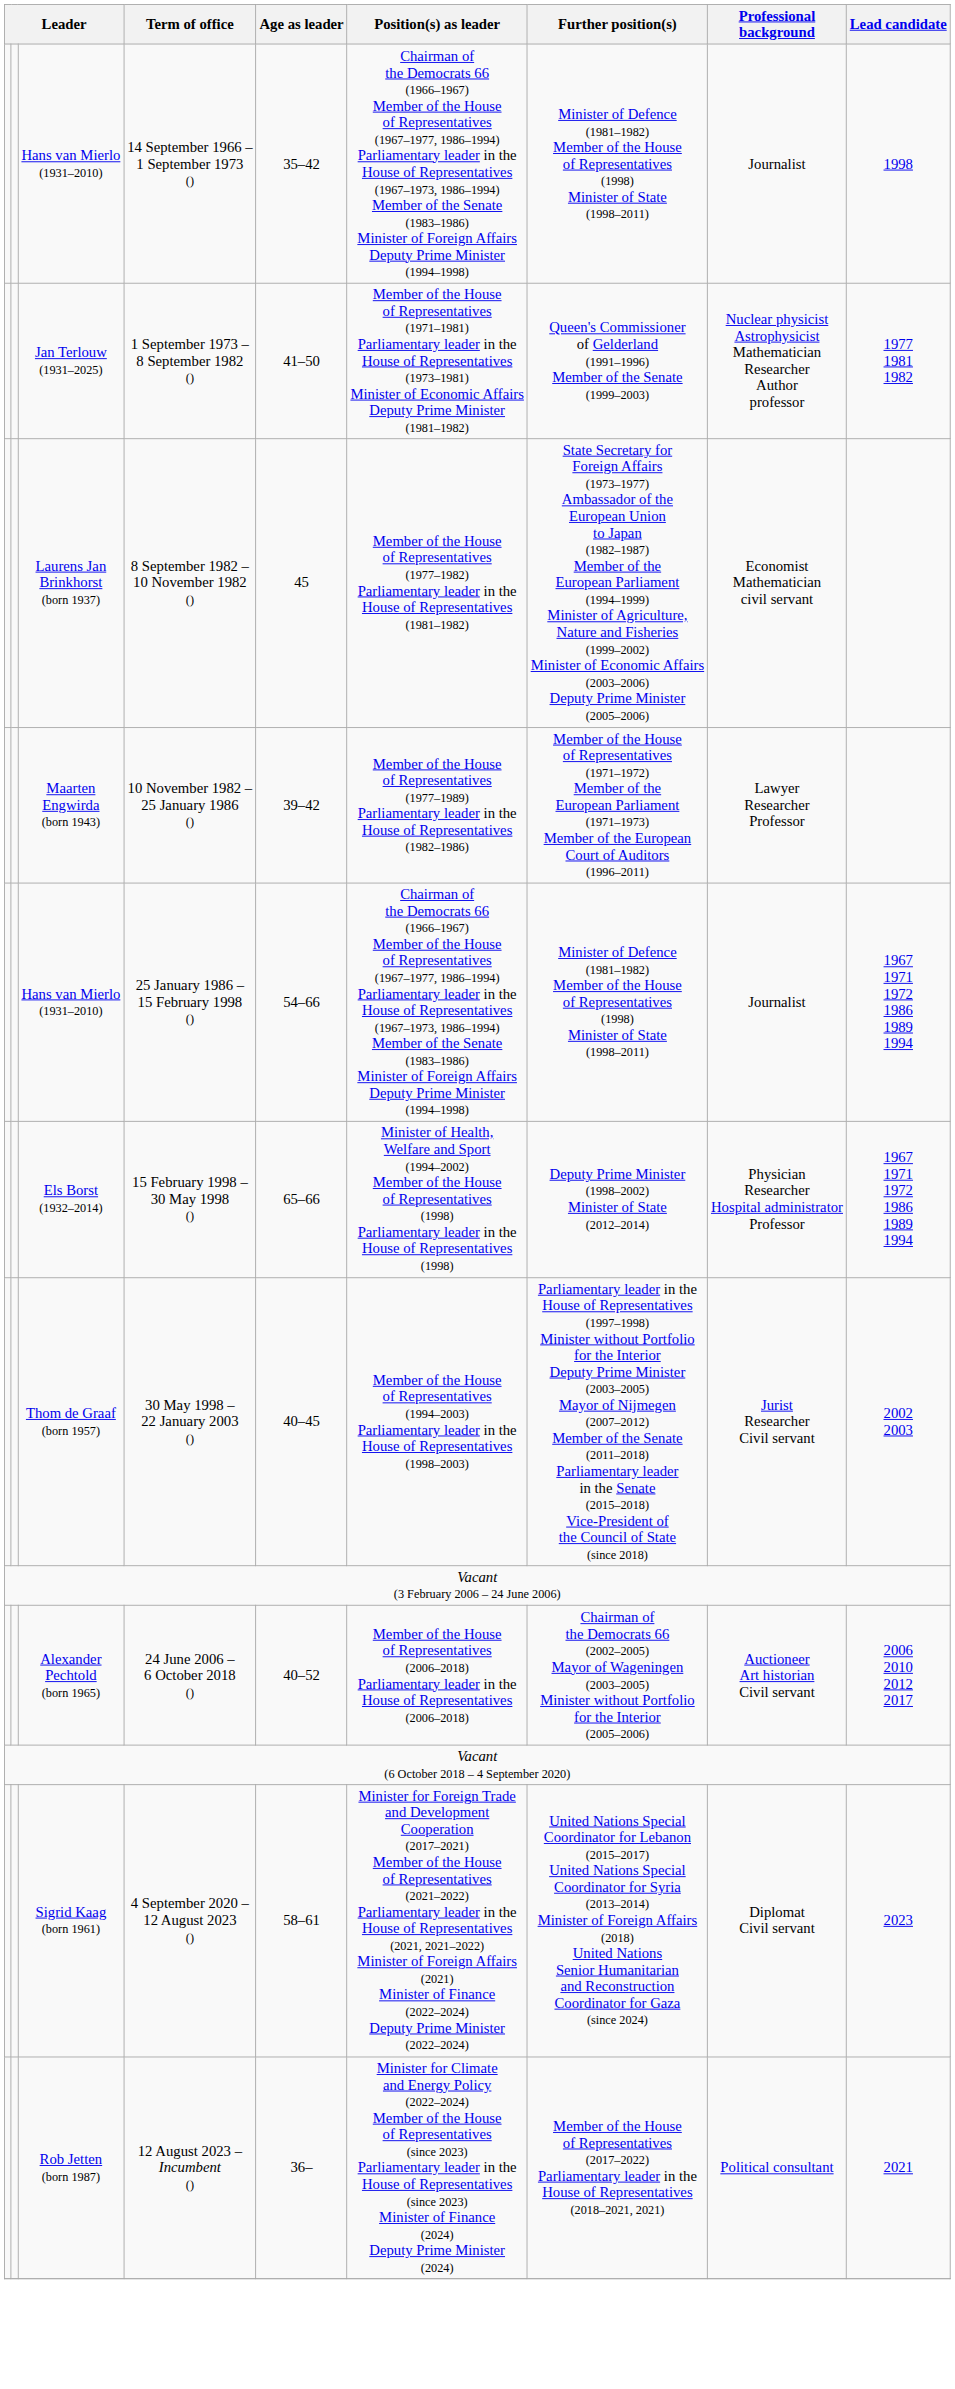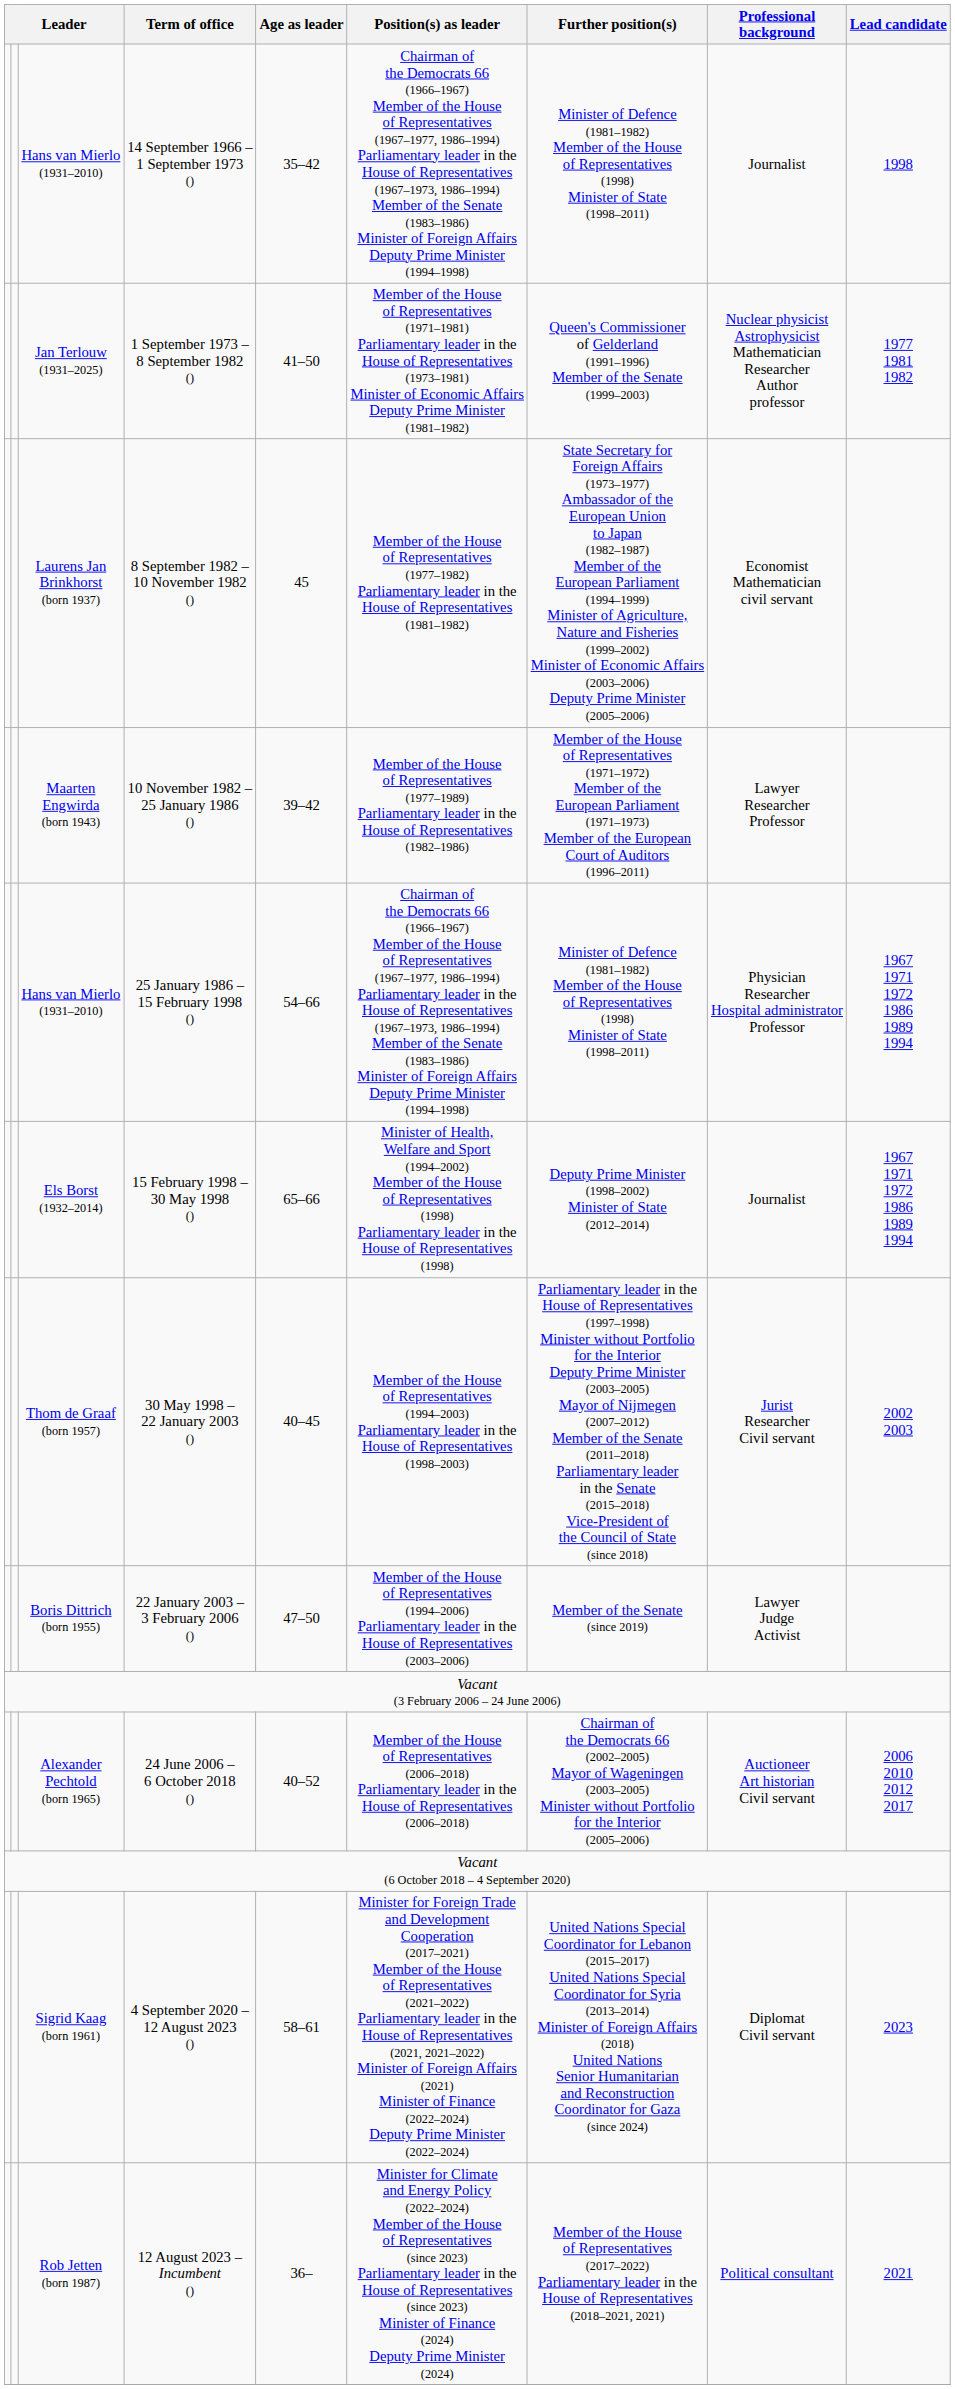 <table class="wikitable" style="text-align:center">
 <tr>
 <th colspan=3>Leader</th>
 <th>Term of office</th>
 <th>Age as leader</th>
 <th>Position(s) as leader</th>
 <th>Further position(s)</th>
 <th><a href='#'>Professional <br> background</a></th>
 <th><a href='#'>Lead candidate</a></th>
 </tr>
 <tr>
 <td style="background:"></td>
 <td></td>
 <td><a href='#'>Hans van Mierlo</a> <br> <small>(1931–2010)</small></td>
 <td>14 September 1966 – <br> 1 September 1973 <br> <small>()</small></td>
 <td>35–42</td>
 <td><a href='#'>Chairman of <br> the Democrats 66</a> <br> <small>(1966–1967)</small> <br> <a href='#'>Member of the House <br> of Representatives</a> <br> <small>(1967–1977, 1986–1994)</small> <br> <a href='#'>Parliamentary leader</a> in the <br> <a href='#'>House of Representatives</a> <br> <small>(1967–1973, 1986–1994)</small> <br> <a href='#'>Member of the Senate</a> <br> <small>(1983–1986)</small> <br> <a href='#'>Minister of Foreign Affairs</a> <br> <a href='#'>Deputy Prime Minister</a> <br> <small>(1994–1998)</small></td>
 <td><a href='#'>Minister of Defence</a> <br> <small>(1981–1982)</small> <br> <a href='#'>Member of the House <br> of Representatives</a> <br> <small>(1998)</small> <br> <a href='#'>Minister of State</a> <br> <small>(1998–2011)</small></td>
 <td>Journalist</td>
 <td><a href='#'>1998</a></td>
 </tr>
 <tr>
 <td style="background:"></td>
 <td></td>
 <td><a href='#'>Jan Terlouw</a> <br> <small>(1931–2025)</small></td>
 <td>1 September 1973 – <br> 8 September 1982 <br> <small>()</small></td>
 <td>41–50</td>
 <td><a href='#'>Member of the House <br> of Representatives</a> <br> <small>(1971–1981)</small> <br> <a href='#'>Parliamentary leader</a> in the <br> <a href='#'>House of Representatives</a> <br> <small>(1973–1981)</small> <br> <a href='#'>Minister of Economic Affairs</a> <br> <a href='#'>Deputy Prime Minister</a> <br> <small>(1981–1982)</small></td>
 <td><a href='#'>Queen's Commissioner</a> <br> of <a href='#'>Gelderland</a> <br> <small>(1991–1996)</small> <br> <a href='#'>Member of the Senate</a> <br> <small>(1999–2003)</small></td>
 <td><a href='#'>Nuclear physicist</a> <br> <a href='#'>Astrophysicist</a> <br> Mathematician <br> Researcher <br> Author <br> professor</td>
 <td><a href='#'>1977</a> <br> <a href='#'>1981</a> <br> <a href='#'>1982</a></td>
 </tr>
 <tr>
 <td style="background:"></td>
 <td></td>
 <td><a href='#'>Laurens Jan <br> Brinkhorst</a> <br> <small>(born 1937)</small></td>
 <td>8 September 1982 – <br> 10 November 1982 <br> <small>()</small></td>
 <td>45</td>
 <td><a href='#'>Member of the House <br> of Representatives</a> <br> <small>(1977–1982)</small> <br> <a href='#'>Parliamentary leader</a> in the <br> <a href='#'>House of Representatives</a> <br> <small>(1981–1982)</small></td>
 <td><a href='#'>State Secretary for <br> Foreign Affairs</a> <br> <small>(1973–1977)</small> <br> <a href='#'>Ambassador of the <br> European Union <br> to Japan</a> <br> <small>(1982–1987)</small> <br> <a href='#'>Member of the <br> European Parliament</a> <br> <small>(1994–1999)</small> <br> <a href='#'>Minister of Agriculture, <br> Nature and Fisheries</a> <br> <small>(1999–2002)</small> <br> <a href='#'>Minister of Economic Affairs</a> <br> <small>(2003–2006)</small> <br> <a href='#'>Deputy Prime Minister</a> <br> <small>(2005–2006)</small></td>
 <td>Economist <br> Mathematician <br> civil servant</td>
 <td></td>
 </tr>
 <tr>
 <td style="background:"></td>
 <td></td>
 <td><a href='#'>Maarten <br> Engwirda</a> <br> <small>(born 1943)</small></td>
 <td>10 November 1982 – <br> 25 January 1986 <br> <small>()</small></td>
 <td>39–42</td>
 <td><a href='#'>Member of the House <br> of Representatives</a> <br> <small>(1977–1989)</small> <br> <a href='#'>Parliamentary leader</a> in the <br> <a href='#'>House of Representatives</a> <br> <small>(1982–1986)</small></td>
 <td><a href='#'>Member of the House <br> of Representatives</a> <br> <small>(1971–1972)</small> <br> <a href='#'>Member of the <br> European Parliament</a> <br> <small>(1971–1973)</small> <br> <a href='#'>Member of the European <br> Court of Auditors</a> <br> <small>(1996–2011)</small></td>
 <td>Lawyer <br> Researcher <br> Professor</td>
 <td></td>
 </tr>
 <tr>
 <td style="background:"></td>
 <td></td>
 <td><a href='#'>Hans van Mierlo</a> <br> <small>(1931–2010)</small></td>
 <td>25 January 1986 – <br> 15 February 1998 <br> <small>()</small></td>
 <td>54–66</td>
 <td><a href='#'>Chairman of <br> the Democrats 66</a> <br> <small>(1966–1967)</small> <br> <a href='#'>Member of the House <br> of Representatives</a> <br> <small>(1967–1977, 1986–1994)</small> <br> <a href='#'>Parliamentary leader</a> in the <br> <a href='#'>House of Representatives</a> <br> <small>(1967–1973, 1986–1994)</small> <br> <a href='#'>Member of the Senate</a> <br> <small>(1983–1986)</small> <br> <a href='#'>Minister of Foreign Affairs</a> <br> <a href='#'>Deputy Prime Minister</a> <br> <small>(1994–1998)</small></td>
 <td><a href='#'>Minister of Defence</a> <br> <small>(1981–1982)</small> <br> <a href='#'>Member of the House <br> of Representatives</a> <br> <small>(1998)</small> <br> <a href='#'>Minister of State</a> <br> <small>(1998–2011)</small></td>
-<td>Journalist</td>
+<td>Physician <br> Researcher <br> <a href='#'>Hospital administrator</a> <br> Professor</td>
 <td><a href='#'>1967</a> <br>  <a href='#'>1971</a> <br> <a href='#'>1972</a> <br> <a href='#'>1986</a> <br> <a href='#'>1989</a> <br> <a href='#'>1994</a></td>
 </tr>
 <tr>
 <td style="background:"></td>
 <td></td>
 <td><a href='#'>Els Borst</a> <br> <small>(1932–2014)</small></td>
 <td>15 February 1998 – <br> 30 May 1998 <br> <small>()</small></td>
 <td>65–66</td>
 <td><a href='#'>Minister of Health, <br> Welfare and Sport</a> <br> <small>(1994–2002)</small> <br> <a href='#'>Member of the House <br> of Representatives</a> <br> <small>(1998)</small> <br> <a href='#'>Parliamentary leader</a> in the <br> <a href='#'>House of Representatives</a> <br> <small>(1998)</small></td>
 <td><a href='#'>Deputy Prime Minister</a> <br> <small>(1998–2002)</small> <br> <a href='#'>Minister of State</a> <br> <small>(2012–2014)</small></td>
-<td>Physician <br> Researcher <br> <a href='#'>Hospital administrator</a> <br> Professor</td>
+<td>Journalist</td>
 <td><a href='#'>1967</a> <br> <a href='#'>1971</a> <br> <a href='#'>1972</a> <br> <a href='#'>1986</a> <br> <a href='#'>1989</a> <br> <a href='#'>1994</a></td>
 </tr>
 <tr>
 <td style="background:"></td>
 <td></td>
 <td><a href='#'>Thom de Graaf</a> <br> <small>(born 1957)</small></td>
 <td>30 May 1998 – <br> 22 January 2003 <br> <small>()</small></td>
 <td>40–45</td>
 <td><a href='#'>Member of the House <br> of Representatives</a> <br> <small>(1994–2003)</small> <br> <a href='#'>Parliamentary leader</a> in the <br> <a href='#'>House of Representatives</a> <br> <small>(1998–2003)</small></td>
 <td><a href='#'>Parliamentary leader</a> in the <br> <a href='#'>House of Representatives</a> <br> <small>(1997–1998)</small> <br> <a href='#'>Minister without Portfolio <br> for the Interior</a>  <br> <a href='#'>Deputy Prime Minister</a> <br> <small>(2003–2005)</small> <br> <a href='#'>Mayor of Nijmegen</a> <br> <small>(2007–2012)</small> <br> <a href='#'>Member of the Senate</a> <br> <small>(2011–2018)</small> <br> <a href='#'>Parliamentary leader</a> <br> in the <a href='#'>Senate</a> <br> <small>(2015–2018)</small> <br> <a href='#'>Vice-President of <br> the Council of State</a> <br> <small>(since 2018)</small></td>
 <td><a href='#'>Jurist</a> <br> Researcher <br> Civil servant</td>
 <td><a href='#'>2002</a> <br> <a href='#'>2003</a></td>
+</tr>
+<tr>
+<td style="background:"></td>
+<td></td>
+<td><a href='#'>Boris Dittrich</a> <br> <small>(born 1955)</small></td>
+<td>22 January 2003 – <br> 3 February 2006 <br> <small>()</small></td>
+<td>47–50</td>
+<td><a href='#'>Member of the House <br> of Representatives</a> <br> <small>(1994–2006)</small> <br> <a href='#'>Parliamentary leader</a> in the <br> <a href='#'>House of Representatives</a> <br> <small>(2003–2006)</small></td>
+<td><a href='#'>Member of the Senate</a> <br> <small>(since 2019)</small></td>
+<td>Lawyer <br> Judge <br> Activist</td>
+<td></td>
 </tr>
 <tr>
 <td colspan=9><em>Vacant</em> <br> <small>(3 February 2006 – 24 June 2006)</small> <br> </td>
 </tr>
 <tr>
 <td style="background:"></td>
 <td></td>
 <td><a href='#'>Alexander <br> Pechtold</a> <br> <small>(born 1965)</small></td>
 <td>24 June 2006 – <br> 6 October 2018 <br> <small>()</small></td>
 <td>40–52</td>
 <td><a href='#'>Member of the House <br> of Representatives</a> <br> <small>(2006–2018)</small> <br> <a href='#'>Parliamentary leader</a> in the <br> <a href='#'>House of Representatives</a> <br> <small>(2006–2018)</small></td>
 <td><a href='#'>Chairman of <br> the Democrats 66</a> <br> <small>(2002–2005)</small> <br> <a href='#'>Mayor of Wageningen</a> <br> <small>(2003–2005)</small> <br> <a href='#'>Minister without Portfolio <br> for the Interior</a> <br> <small>(2005–2006)</small></td>
 <td><a href='#'>Auctioneer</a> <br> <a href='#'>Art historian</a> <br> Civil servant</td>
 <td><a href='#'>2006</a> <br> <a href='#'>2010</a> <br> <a href='#'>2012</a> <br> <a href='#'>2017</a></td>
 </tr>
 <tr>
 <td colspan=9><em>Vacant</em> <br> <small>(6 October 2018 – 4 September 2020)</small> <br> </td>
 </tr>
 <tr>
 <td style="background:"></td>
 <td></td>
 <td><a href='#'>Sigrid Kaag</a> <br> <small>(born 1961)</small></td>
 <td>4 September 2020 – <br> 12 August 2023 <br> <small>()</small></td>
 <td>58–61</td>
 <td><a href='#'>Minister for Foreign Trade <br> and Development <br> Cooperation</a> <br> <small>(2017–2021)</small> <br> <a href='#'>Member of the House <br> of Representatives</a> <br> <small>(2021–2022)</small> <br> <a href='#'>Parliamentary leader</a> in the <br> <a href='#'>House of Representatives</a> <br> <small>(2021, 2021–2022)</small> <br> <a href='#'>Minister of Foreign Affairs</a> <br> <small>(2021)</small> <br> <a href='#'>Minister of Finance</a> <br> <small>(2022–2024)</small><br><a href='#'>Deputy Prime Minister</a> <br> <small>(2022–2024)</small></td>
 <td><a href='#'>United Nations Special <br> Coordinator for Lebanon</a> <br> <small>(2015–2017)</small> <br> <a href='#'>United Nations Special <br> Coordinator for Syria</a> <br> <small>(2013–2014)</small> <br> <a href='#'>Minister of Foreign Affairs</a> <br> <small>(2018)</small> <br> <a href='#'>United Nations</a> <br> <a href='#'>Senior Humanitarian <br> and Reconstruction <br> Coordinator for Gaza</a> <br> <small>(since 2024)</small></td>
 <td>Diplomat <br> Civil servant</td>
 <td><a href='#'>2023</a></td>
 </tr>
 <tr>
 <td style="background:"></td>
 <td></td>
 <td><a href='#'>Rob Jetten</a> <br> <small>(born 1987)</small></td>
 <td>12 August 2023 – <br> <em>Incumbent</em> <br> <small>()</small></td>
 <td>36–<em></em></td>
 <td><a href='#'>Minister for Climate <br> and Energy Policy</a> <br> <small>(2022–2024)</small> <br> <a href='#'>Member of the House <br> of Representatives</a> <br> <small>(since 2023)</small> <br> <a href='#'>Parliamentary leader</a> in the <br> <a href='#'>House of Representatives</a> <br> <small>(since 2023)</small> <br> <a href='#'>Minister of Finance</a> <br> <small>(2024)</small> <br> <a href='#'>Deputy Prime Minister</a> <br> <small>(2024)</small></td>
 <td><a href='#'>Member of the House <br> of Representatives</a> <br> <small>(2017–2022)</small> <br> <a href='#'>Parliamentary leader</a> in the <br> <a href='#'>House of Representatives</a> <br> <small>(2018–2021, 2021)</small></td>
 <td><a href='#'>Political consultant</a></td>
 <td><a href='#'>2021</a></td>
 </tr>
 <tr>
 </tr>
 </table>
